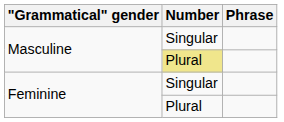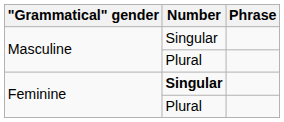 <table class="wikitable">
 <tr>
 <th scope="col">"Grammatical" gender</th>
 <th scope="col">Number</th>
 <th scope="col">Phrase</th>
 </tr>
 <tr>
 <td scope="row" rowspan=2>Masculine</td>
 <td scope="row">Singular</td>
 <td></td>
 </tr>
 <tr>
-<td scope="row" style="background: khaki;">Plural</td>
+<td scope="row">Plural</td>
 <td></td>
 </tr>
 <tr>
 <td scope="row" rowspan=2>Feminine</td>
-<td scope="row">Singular</td>
+<td scope="row"><strong>Singular</strong></td>
 <td></td>
 </tr>
 <tr>
 <td scope="row">Plural</td>
 <td></td>
 </tr>
 </table>
